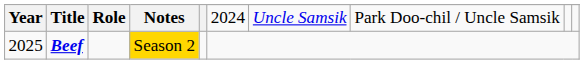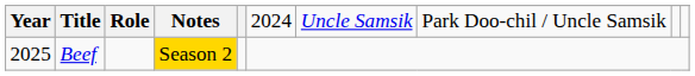 <table class="wikitable sortable plainrowheaders">
 <tr>
 <th rowspan="2" scope="col">Year</th>
 <th rowspan="2" scope="col">Title</th>
 <th rowspan="2" scope="col">Role</th>
 <th rowspan="2" scope="col" class="unsortable">Notes</th>
 <th rowspan="2" scope="col" class="unsortable"></th>
 </tr>
 <tr>
 <td>2024</td>
 <td><em><a href='#'>Uncle Samsik</a></em></td>
 <td>Park Doo-chil / Uncle Samsik</td>
 <td></td>
 <td style="text-align:center;"></td>
 </tr>
 <tr>
 <td>2025</td>
-<td><strong><em><a href='#'>Beef</a></em></strong></td>
+<td><em><a href='#'>Beef</a></em></td>
 <td></td>
 <td style="background: gold;">Season 2</td>
 <td style="text-align:center;"></td>
 </tr>
 </table>
